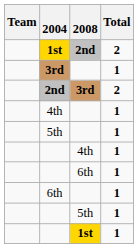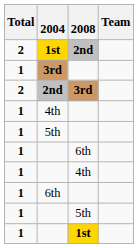 <table class="wikitable" style="text-align:center; font-size:90%">
 <tr bgcolor=>
-<th>Team</th>
+<th>Total</th>
 <th><br>2004</th>
 <th><br>2008</th>
-<th>Total</th>
+<th>Team</th>
 </tr>
 <tr>
-<td align=left></td>
+<td><strong>2</strong></td>
 <td bgcolor=gold><strong>1st</strong></td>
 <td bgcolor=silver><strong>2nd</strong></td>
-<td><strong>2</strong></td>
+<td align=left></td>
 </tr>
 <tr>
-<td align=left></td>
+<td><strong>1</strong></td>
 <td bgcolor=cc9966><strong>3rd</strong></td>
 <td></td>
-<td><strong>1</strong></td>
+<td align=left></td>
 </tr>
 <tr>
-<td align=left></td>
+<td><strong>2</strong></td>
 <td bgcolor=silver><strong>2nd</strong></td>
 <td bgcolor=cc9966><strong>3rd</strong></td>
-<td><strong>2</strong></td>
+<td align=left></td>
 </tr>
 <tr>
-<td align=left></td>
+<td><strong>1</strong></td>
 <td>4th</td>
 <td></td>
-<td><strong>1</strong></td>
+<td align=left></td>
 </tr>
 <tr>
-<td align=left></td>
+<td><strong>1</strong></td>
 <td>5th</td>
 <td></td>
-<td><strong>1</strong></td>
+<td align=left></td>
 </tr>
 <tr>
+<td><strong>1</strong></td>
+<td></td>
+<td>6th</td>
 <td align=left></td>
+</tr>
+<tr>
+<td><strong>1</strong></td>
 <td></td>
 <td>4th</td>
-<td><strong>1</strong></td>
+<td align=left></td>
 </tr>
 <tr>
+<td><strong>1</strong></td>
+<td>6th</td>
+<td></td>
 <td align=left></td>
-<td></td>
-<td>6th</td>
-<td><strong>1</strong></td>
 </tr>
 <tr>
+<td><strong>1</strong></td>
+<td></td>
+<td>5th</td>
 <td align=left></td>
-<td>6th</td>
-<td></td>
-<td><strong>1</strong></td>
 </tr>
 <tr>
-<td align=left></td>
-<td></td>
-<td>5th</td>
 <td><strong>1</strong></td>
-</tr>
-<tr>
-<td align=left></td>
 <td></td>
 <td bgcolor=gold><strong>1st</strong></td>
-<td><strong>1</strong></td>
+<td align=left></td>
 </tr>
 </table>
